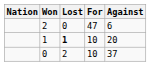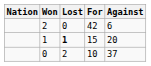 <table class="wikitable" border="1">
 <tr>
 <th>Nation</th>
 <th>Won</th>
 <th>Lost</th>
 <th>For</th>
 <th>Against</th>
 </tr>
 <tr>
 <td></td>
 <td>2</td>
 <td>0</td>
-<td>47</td>
+<td>42</td>
 <td>6</td>
 </tr>
 <tr>
 <td></td>
 <td>1</td>
 <td><strong>1</strong></td>
-<td>10</td>
+<td>15</td>
 <td>20</td>
 </tr>
 <tr>
 <td></td>
 <td>0</td>
 <td>2</td>
 <td>10</td>
 <td>37</td>
 </tr>
 </table>
